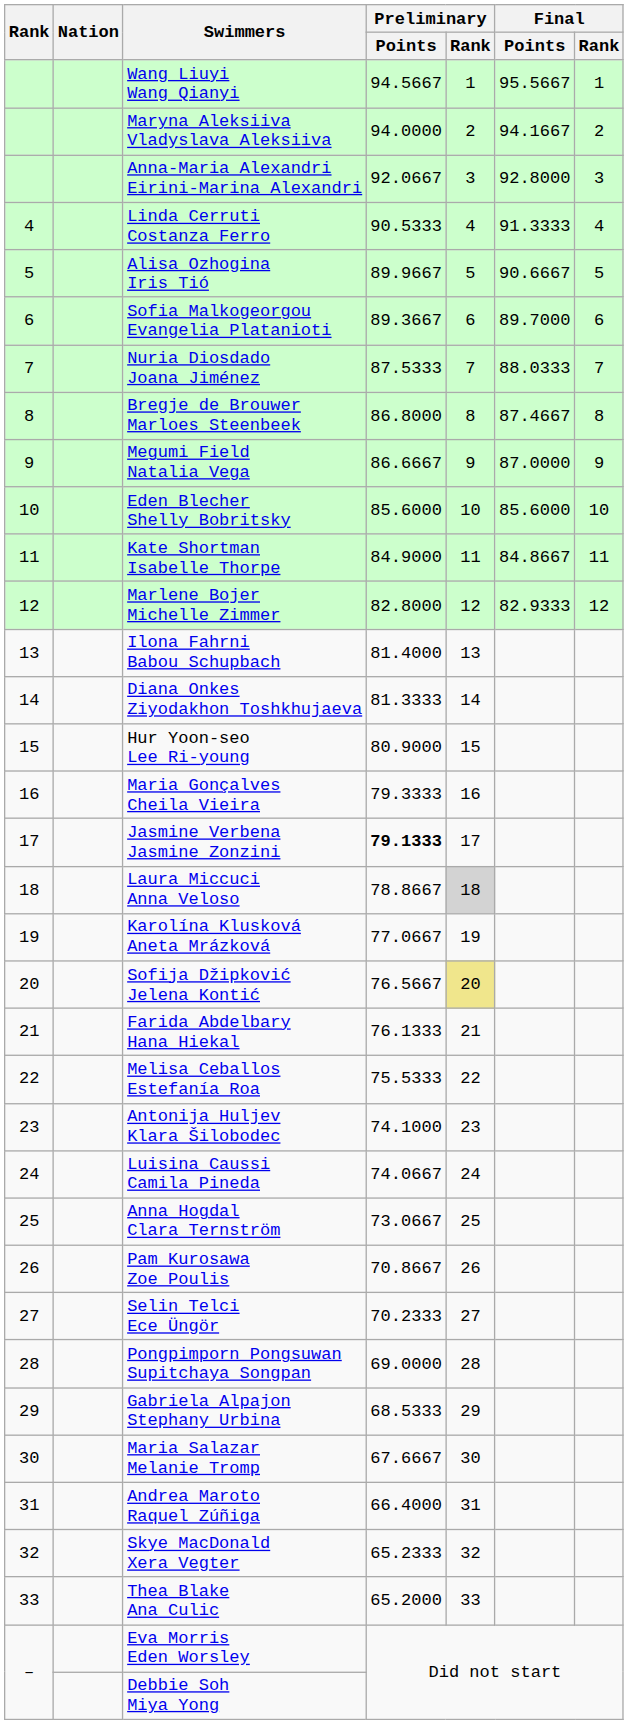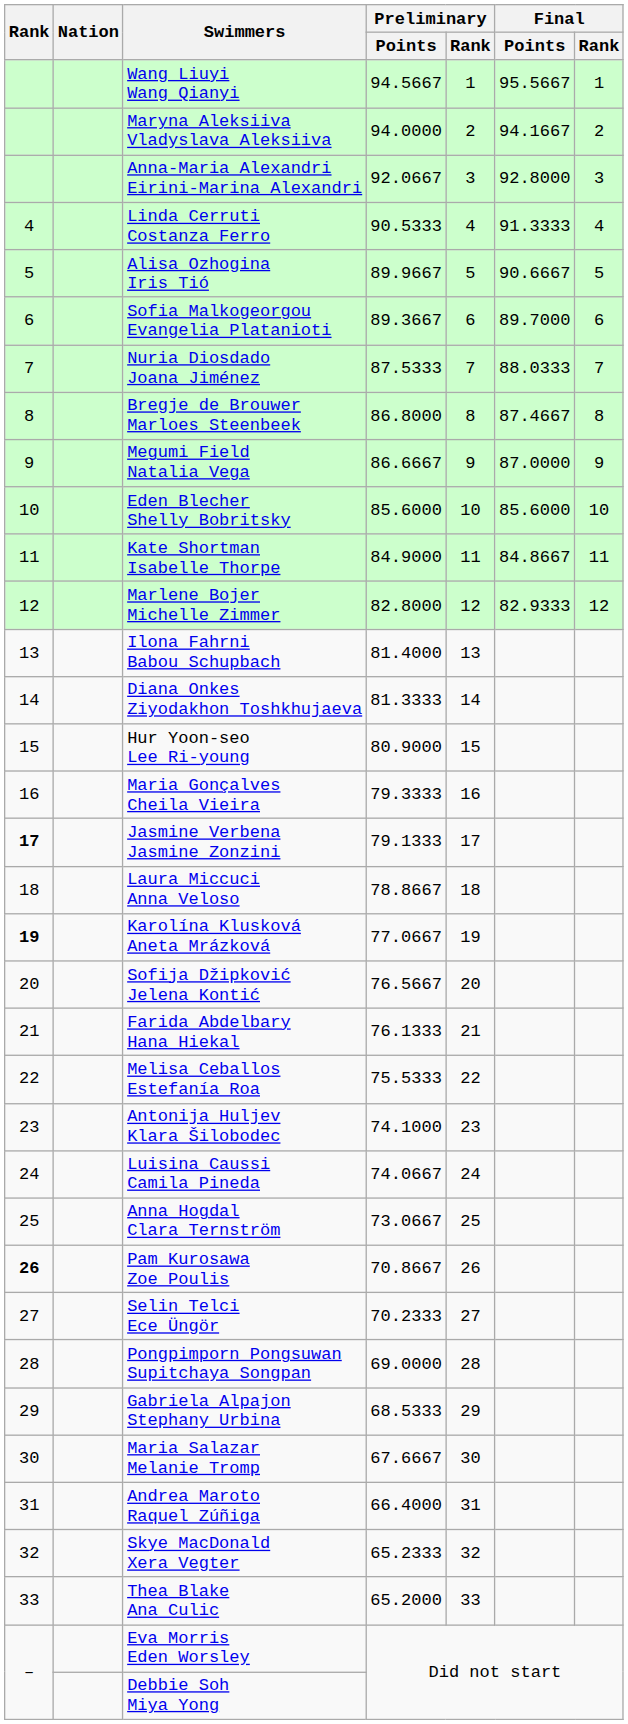 <table class="wikitable sortable" style="text-align:center">
 <tr>
 <th rowspan=2>Rank</th>
 <th rowspan=2>Nation</th>
 <th rowspan=2>Swimmers</th>
 <th colspan=2>Preliminary</th>
 <th colspan=2>Final</th>
 </tr>
 <tr>
 <th>Points</th>
 <th>Rank</th>
 <th>Points</th>
 <th>Rank</th>
 </tr>
 <tr bgcolor=ccffcc>
 <td></td>
 <td align=left></td>
 <td align=left><a href='#'>Wang Liuyi</a><br><a href='#'>Wang Qianyi</a></td>
 <td>94.5667</td>
 <td>1</td>
 <td>95.5667</td>
 <td>1</td>
 </tr>
 <tr bgcolor=ccffcc>
 <td></td>
 <td align=left></td>
 <td align=left><a href='#'>Maryna Aleksiiva</a><br><a href='#'>Vladyslava Aleksiiva</a></td>
 <td>94.0000</td>
 <td>2</td>
 <td>94.1667</td>
 <td>2</td>
 </tr>
 <tr bgcolor=ccffcc>
 <td></td>
 <td align=left></td>
 <td align=left><a href='#'>Anna-Maria Alexandri</a><br><a href='#'>Eirini-Marina Alexandri</a></td>
 <td>92.0667</td>
 <td>3</td>
 <td>92.8000</td>
 <td>3</td>
 </tr>
 <tr bgcolor=ccffcc>
 <td>4</td>
 <td align=left></td>
 <td align=left><a href='#'>Linda Cerruti</a><br><a href='#'>Costanza Ferro</a></td>
 <td>90.5333</td>
 <td>4</td>
 <td>91.3333</td>
 <td>4</td>
 </tr>
 <tr bgcolor=ccffcc>
 <td>5</td>
 <td align=left></td>
 <td align=left><a href='#'>Alisa Ozhogina</a><br><a href='#'>Iris Tió</a></td>
 <td>89.9667</td>
 <td>5</td>
 <td>90.6667</td>
 <td>5</td>
 </tr>
 <tr bgcolor=ccffcc>
 <td>6</td>
 <td align=left></td>
 <td align=left><a href='#'>Sofia Malkogeorgou</a><br><a href='#'>Evangelia Platanioti</a></td>
 <td>89.3667</td>
 <td>6</td>
 <td>89.7000</td>
 <td>6</td>
 </tr>
 <tr bgcolor=ccffcc>
 <td>7</td>
 <td align=left></td>
 <td align=left><a href='#'>Nuria Diosdado</a><br><a href='#'>Joana Jiménez</a></td>
 <td>87.5333</td>
 <td>7</td>
 <td>88.0333</td>
 <td>7</td>
 </tr>
 <tr bgcolor=ccffcc>
 <td>8</td>
 <td align=left></td>
 <td align=left><a href='#'>Bregje de Brouwer</a><br><a href='#'>Marloes Steenbeek</a></td>
 <td>86.8000</td>
 <td>8</td>
 <td>87.4667</td>
 <td>8</td>
 </tr>
 <tr bgcolor=ccffcc>
 <td>9</td>
 <td align=left></td>
 <td align=left><a href='#'>Megumi Field</a><br><a href='#'>Natalia Vega</a></td>
 <td>86.6667</td>
 <td>9</td>
 <td>87.0000</td>
 <td>9</td>
 </tr>
 <tr bgcolor=ccffcc>
 <td>10</td>
 <td align=left></td>
 <td align=left><a href='#'>Eden Blecher</a><br><a href='#'>Shelly Bobritsky</a></td>
 <td>85.6000</td>
 <td>10</td>
 <td>85.6000</td>
 <td>10</td>
 </tr>
 <tr bgcolor=ccffcc>
 <td>11</td>
 <td align=left></td>
 <td align=left><a href='#'>Kate Shortman</a><br><a href='#'>Isabelle Thorpe</a></td>
 <td>84.9000</td>
 <td>11</td>
 <td>84.8667</td>
 <td>11</td>
 </tr>
 <tr bgcolor=ccffcc>
 <td>12</td>
 <td align=left></td>
 <td align=left><a href='#'>Marlene Bojer</a><br><a href='#'>Michelle Zimmer</a></td>
 <td>82.8000</td>
 <td>12</td>
 <td>82.9333</td>
 <td>12</td>
 </tr>
 <tr>
 <td>13</td>
 <td align=left></td>
 <td align=left><a href='#'>Ilona Fahrni</a><br><a href='#'>Babou Schupbach</a></td>
 <td>81.4000</td>
 <td>13</td>
 <td></td>
 <td></td>
 </tr>
 <tr>
 <td>14</td>
 <td align=left></td>
 <td align=left><a href='#'>Diana Onkes</a><br><a href='#'>Ziyodakhon Toshkhujaeva</a></td>
 <td>81.3333</td>
 <td>14</td>
 <td></td>
 <td></td>
 </tr>
 <tr>
 <td>15</td>
 <td align=left></td>
 <td align=left>Hur Yoon-seo<br><a href='#'>Lee Ri-young</a></td>
 <td>80.9000</td>
 <td>15</td>
 <td></td>
 <td></td>
 </tr>
 <tr>
 <td>16</td>
 <td align=left></td>
 <td align=left><a href='#'>Maria Gonçalves</a><br><a href='#'>Cheila Vieira</a></td>
 <td>79.3333</td>
 <td>16</td>
 <td></td>
 <td></td>
 </tr>
 <tr>
-<td>17</td>
+<td><strong>17</strong></td>
 <td align=left></td>
 <td align=left><a href='#'>Jasmine Verbena</a><br><a href='#'>Jasmine Zonzini</a></td>
-<td><strong>79.1333</strong></td>
+<td>79.1333</td>
 <td>17</td>
 <td></td>
 <td></td>
 </tr>
 <tr>
 <td>18</td>
 <td align=left></td>
 <td align=left><a href='#'>Laura Miccuci</a><br><a href='#'>Anna Veloso</a></td>
 <td>78.8667</td>
-<td style="background: lightgrey;">18</td>
+<td>18</td>
 <td></td>
 <td></td>
 </tr>
 <tr>
-<td>19</td>
+<td><strong>19</strong></td>
 <td align=left></td>
 <td align=left><a href='#'>Karolína Klusková</a><br><a href='#'>Aneta Mrázková</a></td>
 <td>77.0667</td>
 <td>19</td>
 <td></td>
 <td></td>
 </tr>
 <tr>
 <td>20</td>
 <td align=left></td>
 <td align=left><a href='#'>Sofija Džipković</a><br><a href='#'>Jelena Kontić</a></td>
 <td>76.5667</td>
-<td style="background: khaki;">20</td>
+<td>20</td>
 <td></td>
 <td></td>
 </tr>
 <tr>
 <td>21</td>
 <td align=left></td>
 <td align=left><a href='#'>Farida Abdelbary</a><br><a href='#'>Hana Hiekal</a></td>
 <td>76.1333</td>
 <td>21</td>
 <td></td>
 <td></td>
 </tr>
 <tr>
 <td>22</td>
 <td align=left></td>
 <td align=left><a href='#'>Melisa Ceballos</a><br><a href='#'>Estefanía Roa</a></td>
 <td>75.5333</td>
 <td>22</td>
 <td></td>
 <td></td>
 </tr>
 <tr>
 <td>23</td>
 <td align=left></td>
 <td align=left><a href='#'>Antonija Huljev</a><br><a href='#'>Klara Šilobodec</a></td>
 <td>74.1000</td>
 <td>23</td>
 <td></td>
 <td></td>
 </tr>
 <tr>
 <td>24</td>
 <td align=left></td>
 <td align=left><a href='#'>Luisina Caussi</a><br><a href='#'>Camila Pineda</a></td>
 <td>74.0667</td>
 <td>24</td>
 <td></td>
 <td></td>
 </tr>
 <tr>
 <td>25</td>
 <td align=left></td>
 <td align=left><a href='#'>Anna Hogdal</a><br><a href='#'>Clara Ternström</a></td>
 <td>73.0667</td>
 <td>25</td>
 <td></td>
 <td></td>
 </tr>
 <tr>
-<td>26</td>
+<td><strong>26</strong></td>
 <td align=left></td>
 <td align=left><a href='#'>Pam Kurosawa</a><br><a href='#'>Zoe Poulis</a></td>
 <td>70.8667</td>
 <td>26</td>
 <td></td>
 <td></td>
 </tr>
 <tr>
 <td>27</td>
 <td align=left></td>
 <td align=left><a href='#'>Selin Telci</a><br><a href='#'>Ece Üngör</a></td>
 <td>70.2333</td>
 <td>27</td>
 <td></td>
 <td></td>
 </tr>
 <tr>
 <td>28</td>
 <td align=left></td>
 <td align=left><a href='#'>Pongpimporn Pongsuwan</a><br><a href='#'>Supitchaya Songpan</a></td>
 <td>69.0000</td>
 <td>28</td>
 <td></td>
 <td></td>
 </tr>
 <tr>
 <td>29</td>
 <td align=left></td>
 <td align=left><a href='#'>Gabriela Alpajon</a><br><a href='#'>Stephany Urbina</a></td>
 <td>68.5333</td>
 <td>29</td>
 <td></td>
 <td></td>
 </tr>
 <tr>
 <td>30</td>
 <td align=left></td>
 <td align=left><a href='#'>Maria Salazar</a><br><a href='#'>Melanie Tromp</a></td>
 <td>67.6667</td>
 <td>30</td>
 <td></td>
 <td></td>
 </tr>
 <tr>
 <td>31</td>
 <td align=left></td>
 <td align=left><a href='#'>Andrea Maroto</a><br><a href='#'>Raquel Zúñiga</a></td>
 <td>66.4000</td>
 <td>31</td>
 <td></td>
 <td></td>
 </tr>
 <tr>
 <td>32</td>
 <td align=left></td>
 <td align=left><a href='#'>Skye MacDonald</a><br><a href='#'>Xera Vegter</a></td>
 <td>65.2333</td>
 <td>32</td>
 <td></td>
 <td></td>
 </tr>
 <tr>
 <td>33</td>
 <td align=left></td>
 <td align=left><a href='#'>Thea Blake</a><br><a href='#'>Ana Culic</a></td>
 <td>65.2000</td>
 <td>33</td>
 <td></td>
 <td></td>
 </tr>
 <tr>
 <td rowspan=2>–</td>
 <td align=left></td>
 <td align=left><a href='#'>Eva Morris</a><br><a href='#'>Eden Worsley</a></td>
 <td colspan=4 rowspan=2>Did not start</td>
 </tr>
 <tr>
 <td align=left></td>
 <td align=left><a href='#'>Debbie Soh</a><br><a href='#'>Miya Yong</a></td>
 </tr>
 </table>
